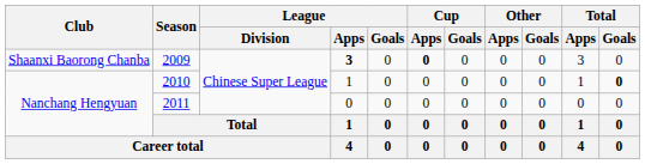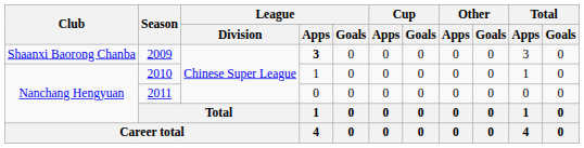 <table class="wikitable" style="text-align: center">
 <tr>
 <th rowspan="2">Club</th>
 <th rowspan="2">Season</th>
 <th colspan="3">League</th>
 <th colspan="2">Cup</th>
 <th colspan="2">Other</th>
 <th colspan="2">Total</th>
 </tr>
 <tr>
 <th>Division</th>
 <th>Apps</th>
 <th>Goals</th>
 <th>Apps</th>
 <th>Goals</th>
 <th>Apps</th>
 <th>Goals</th>
 <th>Apps</th>
 <th>Goals</th>
 </tr>
 <tr>
 <td><a href='#'>Shaanxi Baorong Chanba</a></td>
 <td><a href='#'>2009</a></td>
 <td rowspan="3"><a href='#'>Chinese Super League</a></td>
 <td><strong>3</strong></td>
 <td>0</td>
-<td><strong>0</strong></td>
+<td>0</td>
 <td>0</td>
 <td>0</td>
 <td>0</td>
 <td>3</td>
 <td>0</td>
 </tr>
 <tr>
 <td rowspan="3"><a href='#'>Nanchang Hengyuan</a></td>
 <td><a href='#'>2010</a></td>
 <td>1</td>
 <td>0</td>
 <td>0</td>
 <td>0</td>
 <td>0</td>
 <td>0</td>
 <td>1</td>
-<td><strong>0</strong></td>
+<td>0</td>
 </tr>
 <tr>
 <td><a href='#'>2011</a></td>
 <td>0</td>
 <td>0</td>
 <td>0</td>
 <td>0</td>
 <td>0</td>
 <td>0</td>
 <td>0</td>
 <td>0</td>
 </tr>
 <tr>
 <th colspan=2>Total</th>
 <th>1</th>
 <th>0</th>
 <th>0</th>
 <th>0</th>
 <th>0</th>
 <th>0</th>
 <th>1</th>
 <th>0</th>
 </tr>
 <tr>
 <th colspan=3>Career total</th>
 <th>4</th>
 <th>0</th>
 <th>0</th>
 <th>0</th>
 <th>0</th>
 <th>0</th>
 <th>4</th>
 <th>0</th>
 </tr>
 </table>
